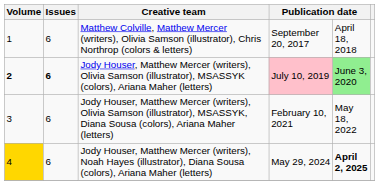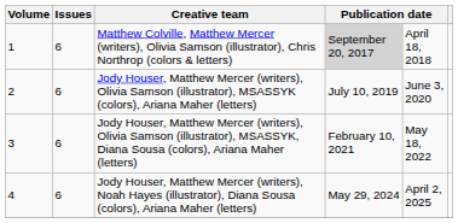 <table class="wikitable">
 <tr>
 <th>Volume</th>
 <th>Issues</th>
 <th>Creative team</th>
 <th colspan="2">Publication date</th>
 <th></th>
 </tr>
 <tr>
 <td>1</td>
 <td>6</td>
 <td><a href='#'>Matthew Colville</a>, <a href='#'>Matthew Mercer</a> (writers), Olivia Samson (illustrator), Chris Northrop (colors & letters)</td>
-<td>September 20, 2017</td>
+<td style="background: lightgrey;">September 20, 2017</td>
 <td>April 18, 2018</td>
 <td></td>
 </tr>
 <tr>
-<td><strong>2</strong></td>
-<td><strong>6</strong></td>
+<td>2</td>
+<td>6</td>
 <td><a href='#'>Jody Houser</a>, Matthew Mercer (writers), Olivia Samson (illustrator), MSASSYK (colors), Ariana Maher (letters)</td>
-<td style="background: pink;">July 10, 2019</td>
-<td style="background: lightgreen;">June 3, 2020</td>
+<td>July 10, 2019</td>
+<td>June 3, 2020</td>
 <td></td>
 </tr>
 <tr>
 <td>3</td>
 <td>6</td>
 <td>Jody Houser, Matthew Mercer (writers), Olivia Samson (illustrator), MSASSYK, Diana Sousa (colors), Ariana Maher (letters)</td>
 <td>February 10, 2021</td>
 <td>May 18, 2022</td>
 <td></td>
 </tr>
 <tr>
-<td style="background: gold;">4</td>
+<td>4</td>
 <td>6</td>
 <td>Jody Houser, Matthew Mercer (writers), Noah Hayes (illustrator), Diana Sousa (colors), Ariana Maher (letters)</td>
 <td>May 29, 2024</td>
-<td><strong>April 2, 2025</strong></td>
+<td>April 2, 2025</td>
 <td></td>
 </tr>
 <tr>
 </tr>
 </table>
